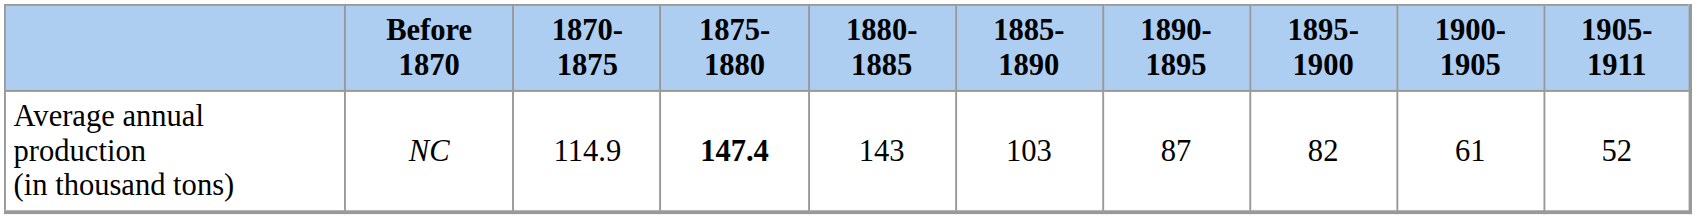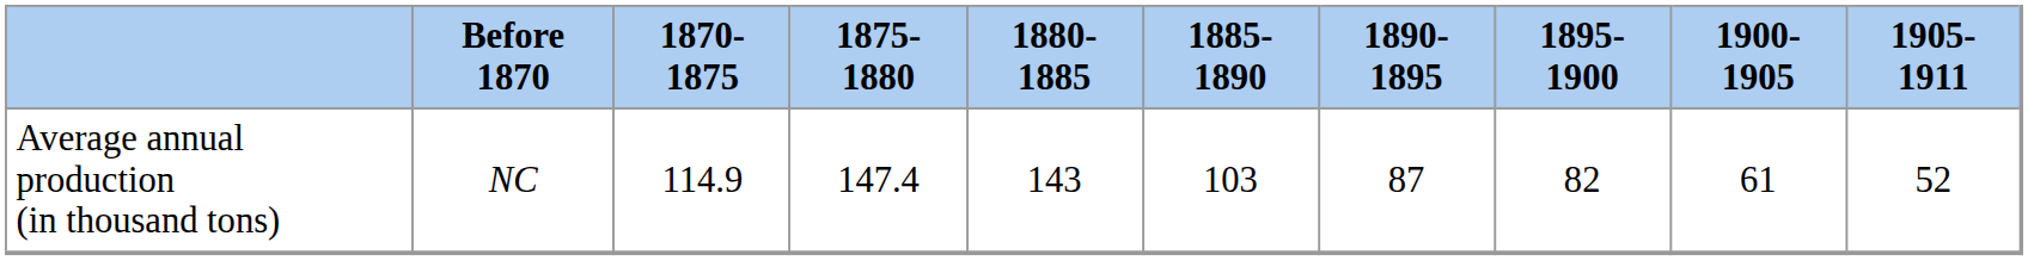 <table align="center" rules="all" cellspacing="0" cellpadding="4" style="border: 1px solid #999; border-right: 2px solid #999; border-bottom:2px solid #999; background: #FFFFFF">
 <tr style="background: #adcdf1">
 <th scope=col></th>
 <th scope=col>Before 1870</th>
 <th scope=col>1870-1875</th>
 <th scope=col>1875-1880</th>
 <th scope=col>1880-1885</th>
 <th scope=col>1885-1890</th>
 <th scope=col>1890-1895</th>
 <th scope=col>1895-1900</th>
 <th scope=col>1900-1905</th>
 <th scope=col>1905-1911</th>
 </tr>
 <tr>
 <td>Average annual production<br>(in thousand tons)</td>
 <td align="center"><em>NC</em></td>
 <td align=center>114.9</td>
-<td align=center><strong>147.4</strong></td>
+<td align=center>147.4</td>
 <td align=center>143</td>
 <td align=center>103</td>
 <td align=center>87</td>
 <td align=center>82</td>
 <td align=center>61</td>
 <td align=center>52</td>
 </tr>
 </table>
